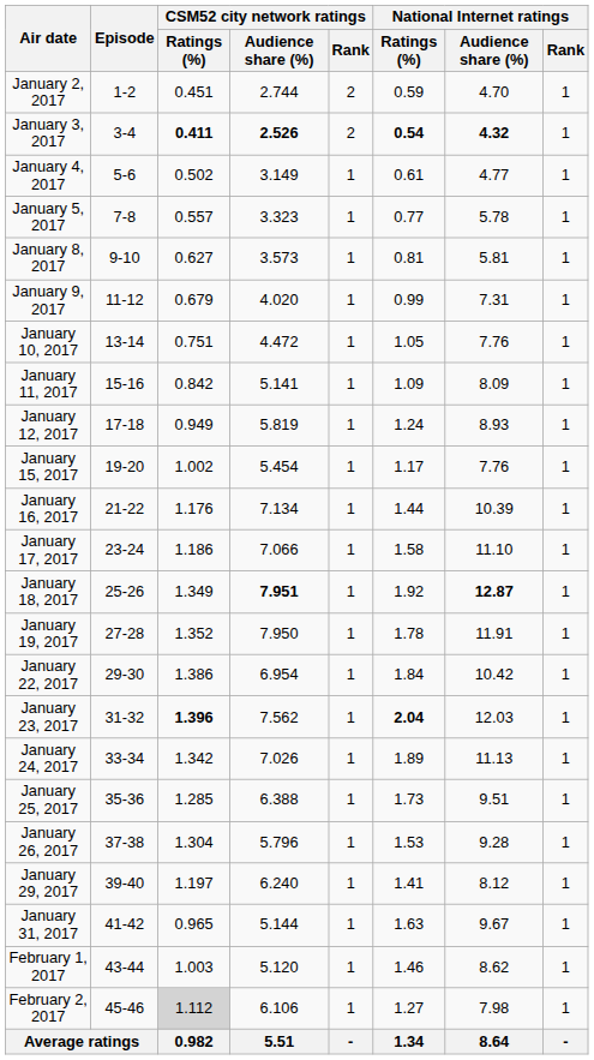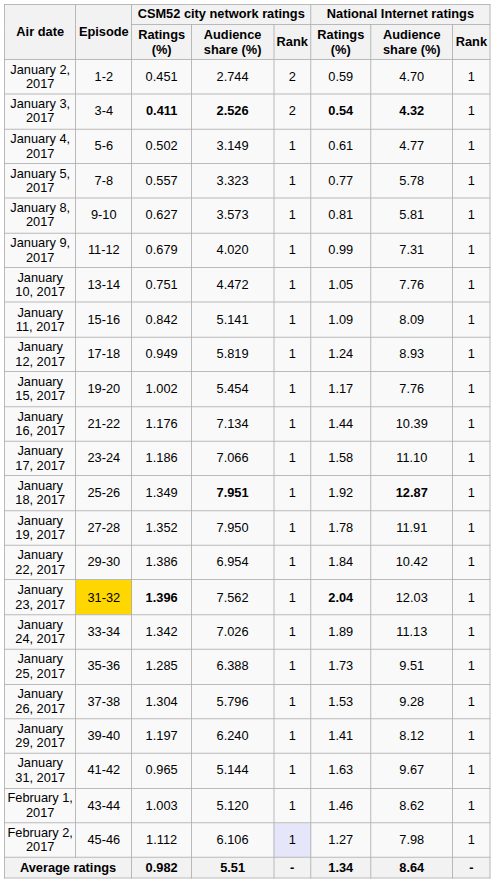 <table class="wikitable sortable mw-collapsible jquery-tablesorter" style="text-align:center">
 <tr>
 <th rowspan="2">Air date</th>
 <th rowspan="2">Episode</th>
 <th colspan="3">CSM52 city network ratings</th>
 <th colspan="3">National Internet ratings</th>
 </tr>
 <tr>
 <th><strong>Ratings (%)</strong></th>
 <th><strong>Audience share (%)</strong></th>
 <th><strong>Rank</strong></th>
 <th><strong>Ratings (%)</strong></th>
 <th><strong>Audience share (%)</strong></th>
 <th><strong>Rank</strong></th>
 </tr>
 <tr>
 <td>January 2, 2017</td>
 <td>1-2</td>
 <td>0.451</td>
 <td>2.744</td>
 <td>2</td>
 <td>0.59</td>
 <td>4.70</td>
 <td>1</td>
 </tr>
 <tr>
 <td>January 3, 2017</td>
 <td>3-4</td>
 <td><strong><span>0.411</span></strong></td>
 <td><strong><span>2.526</span></strong></td>
 <td>2</td>
 <td><strong><span>0.54</span></strong></td>
 <td><strong><span>4.32</span></strong></td>
 <td>1</td>
 </tr>
 <tr>
 <td>January 4, 2017</td>
 <td>5-6</td>
 <td>0.502</td>
 <td>3.149</td>
 <td>1</td>
 <td>0.61</td>
 <td>4.77</td>
 <td>1</td>
 </tr>
 <tr>
 <td>January 5, 2017</td>
 <td>7-8</td>
 <td>0.557</td>
 <td>3.323</td>
 <td>1</td>
 <td>0.77</td>
 <td>5.78</td>
 <td>1</td>
 </tr>
 <tr>
 <td>January 8, 2017</td>
 <td>9-10</td>
 <td>0.627</td>
 <td>3.573</td>
 <td>1</td>
 <td>0.81</td>
 <td>5.81</td>
 <td>1</td>
 </tr>
 <tr>
 <td>January 9, 2017</td>
 <td>11-12</td>
 <td>0.679</td>
 <td>4.020</td>
 <td>1</td>
 <td>0.99</td>
 <td>7.31</td>
 <td>1</td>
 </tr>
 <tr>
 <td>January 10, 2017</td>
 <td>13-14</td>
 <td>0.751</td>
 <td>4.472</td>
 <td>1</td>
 <td>1.05</td>
 <td>7.76</td>
 <td>1</td>
 </tr>
 <tr>
 <td>January 11, 2017</td>
 <td>15-16</td>
 <td>0.842</td>
 <td>5.141</td>
 <td>1</td>
 <td>1.09</td>
 <td>8.09</td>
 <td>1</td>
 </tr>
 <tr>
 <td>January 12, 2017</td>
 <td>17-18</td>
 <td>0.949</td>
 <td>5.819</td>
 <td>1</td>
 <td>1.24</td>
 <td>8.93</td>
 <td>1</td>
 </tr>
 <tr>
 <td>January 15, 2017</td>
 <td>19-20</td>
 <td>1.002</td>
 <td>5.454</td>
 <td>1</td>
 <td>1.17</td>
 <td>7.76</td>
 <td>1</td>
 </tr>
 <tr>
 <td>January 16, 2017</td>
 <td>21-22</td>
 <td>1.176</td>
 <td>7.134</td>
 <td>1</td>
 <td>1.44</td>
 <td>10.39</td>
 <td>1</td>
 </tr>
 <tr>
 <td>January 17, 2017</td>
 <td>23-24</td>
 <td>1.186</td>
 <td>7.066</td>
 <td>1</td>
 <td>1.58</td>
 <td>11.10</td>
 <td>1</td>
 </tr>
 <tr>
 <td>January 18, 2017</td>
 <td>25-26</td>
 <td>1.349</td>
 <td><strong><span>7.951</span></strong></td>
 <td>1</td>
 <td>1.92</td>
 <td><strong><span>12.87</span></strong></td>
 <td>1</td>
 </tr>
 <tr>
 <td>January 19, 2017</td>
 <td>27-28</td>
 <td>1.352</td>
 <td>7.950</td>
 <td>1</td>
 <td>1.78</td>
 <td>11.91</td>
 <td>1</td>
 </tr>
 <tr>
 <td>January 22, 2017</td>
 <td>29-30</td>
 <td>1.386</td>
 <td>6.954</td>
 <td>1</td>
 <td>1.84</td>
 <td>10.42</td>
 <td>1</td>
 </tr>
 <tr>
 <td>January 23, 2017</td>
-<td>31-32</td>
+<td style="background: gold;">31-32</td>
 <td><strong><span>1.396</span></strong></td>
 <td>7.562</td>
 <td>1</td>
 <td><strong><span>2.04</span></strong></td>
 <td>12.03</td>
 <td>1</td>
 </tr>
 <tr>
 <td>January 24, 2017</td>
 <td>33-34</td>
 <td>1.342</td>
 <td>7.026</td>
 <td>1</td>
 <td>1.89</td>
 <td>11.13</td>
 <td>1</td>
 </tr>
 <tr>
 <td>January 25, 2017</td>
 <td>35-36</td>
 <td>1.285</td>
 <td>6.388</td>
 <td>1</td>
 <td>1.73</td>
 <td>9.51</td>
 <td>1</td>
 </tr>
 <tr>
 <td>January 26, 2017</td>
 <td>37-38</td>
 <td>1.304</td>
 <td>5.796</td>
 <td>1</td>
 <td>1.53</td>
 <td>9.28</td>
 <td>1</td>
 </tr>
 <tr>
 <td>January 29, 2017</td>
 <td>39-40</td>
 <td>1.197</td>
 <td>6.240</td>
 <td>1</td>
 <td>1.41</td>
 <td>8.12</td>
 <td>1</td>
 </tr>
 <tr>
 <td>January 31, 2017</td>
 <td>41-42</td>
 <td>0.965</td>
 <td>5.144</td>
 <td>1</td>
 <td>1.63</td>
 <td>9.67</td>
 <td>1</td>
 </tr>
 <tr>
 <td>February 1, 2017</td>
 <td>43-44</td>
 <td>1.003</td>
 <td>5.120</td>
 <td>1</td>
 <td>1.46</td>
 <td>8.62</td>
 <td>1</td>
 </tr>
 <tr>
 <td>February 2, 2017</td>
 <td>45-46</td>
-<td style="background: lightgrey;">1.112</td>
+<td>1.112</td>
 <td>6.106</td>
-<td>1</td>
+<td style="background: lavender;">1</td>
 <td>1.27</td>
 <td>7.98</td>
 <td>1</td>
 </tr>
 <tr>
 <th colspan="2"><strong>Average ratings</strong></th>
 <th><strong>0.982</strong></th>
 <th><strong>5.51</strong></th>
 <th><strong>-</strong></th>
 <th><strong>1.34</strong></th>
 <th><strong>8.64</strong></th>
 <th><strong>-</strong></th>
 </tr>
 </table>
